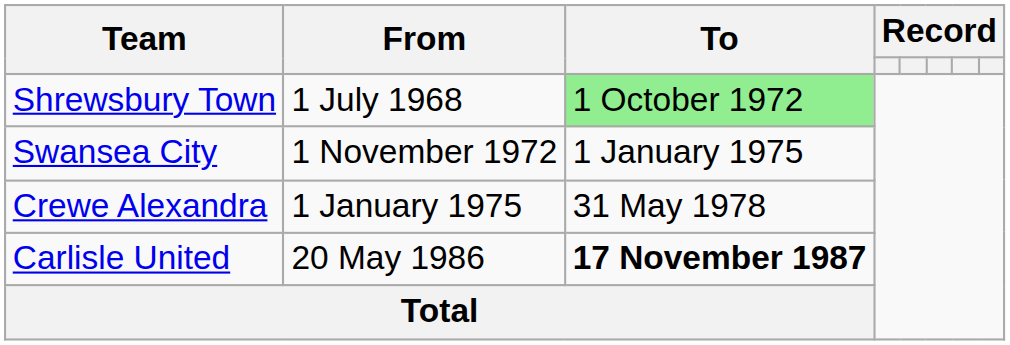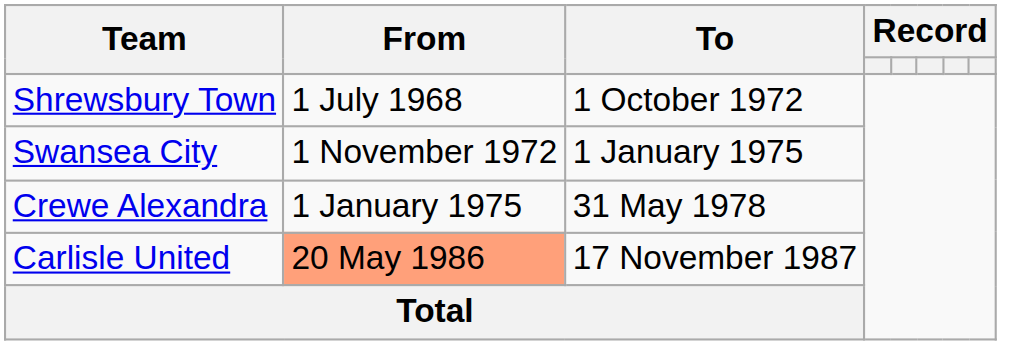 <table class=wikitable style="text-align: center">
 <tr>
 <th rowspan=2>Team</th>
 <th rowspan=2>From</th>
 <th rowspan=2>To</th>
 <th colspan=5>Record</th>
 </tr>
 <tr>
 <th></th>
 <th></th>
 <th></th>
 <th></th>
 <th></th>
 </tr>
 <tr>
 <td align=left><a href='#'>Shrewsbury Town</a></td>
 <td align=left>1 July 1968</td>
-<td align=left style="background: lightgreen;">1 October 1972<br></td>
+<td align=left>1 October 1972<br></td>
 </tr>
 <tr>
 <td align=left><a href='#'>Swansea City</a></td>
 <td align=left>1 November 1972</td>
 <td align=left>1 January 1975<br></td>
 </tr>
 <tr>
 <td align=left><a href='#'>Crewe Alexandra</a></td>
 <td align=left>1 January 1975</td>
 <td align=left>31 May 1978<br></td>
 </tr>
 <tr>
 <td align=left><a href='#'>Carlisle United</a></td>
-<td align=left>20 May 1986</td>
-<td align=left><strong>17 November 1987<br></strong></td>
+<td align=left style="background: lightsalmon;">20 May 1986</td>
+<td align=left>17 November 1987<br></td>
 </tr>
 <tr>
 <th colspan=3>Total<br></th>
 </tr>
 </table>
